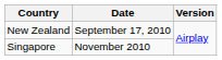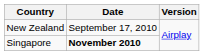 <table class="wikitable">
 <tr>
 <th>Country</th>
 <th>Date</th>
 <th>Version</th>
 </tr>
 <tr>
 <td>New Zealand</td>
 <td>September 17, 2010</td>
 <td rowspan="2"><a href='#'>Airplay</a></td>
 </tr>
 <tr>
 <td>Singapore</td>
-<td>November 2010</td>
+<td><strong>November 2010</strong></td>
 </tr>
 </table>
